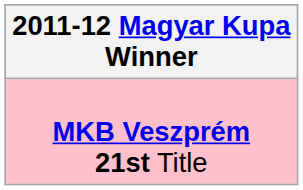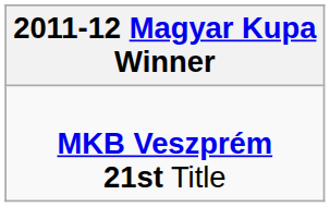 <table class=wikitable style="text-align:center; margin:auto">
 <tr>
 <th>2011-12 <a href='#'>Magyar Kupa</a><br>Winner</th>
 </tr>
 <tr>
-<td align=center style="background: pink;"><br><strong><a href='#'>MKB Veszprém</a></strong><br><strong>21st</strong> Title</td>
+<td align=center><br><strong><a href='#'>MKB Veszprém</a></strong><br><strong>21st</strong> Title</td>
 </tr>
 </table>
